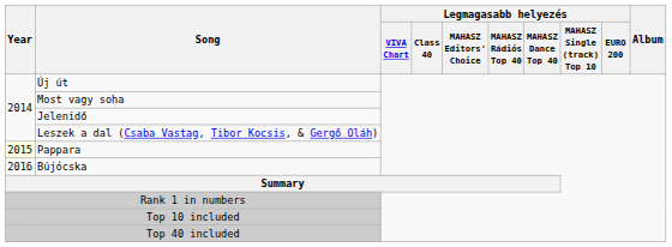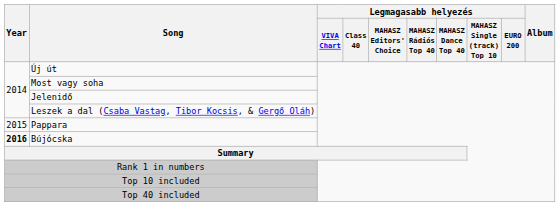 <table class="wikitable">
 <tr>
 <th rowspan="2">Year</th>
 <th rowspan="2">Song</th>
 <th colspan="7">Legmagasabb helyezés</th>
 <th rowspan="2">Album</th>
 </tr>
 <tr>
 <th width="30"><small> <a href='#'>VIVA Chart</a></small></th>
 <th width="30"><small> Class 40 </small></th>
 <th width="30"><small> MAHASZ Editors' Choice</small></th>
 <th width="30"><small> MAHASZ Rádiós Top 40</small></th>
 <th width="30"><small> MAHASZ Dance Top 40</small></th>
 <th width="30"><small> MAHASZ Single (track) Top 10</small></th>
 <th width="30"><small> EURO 200</small></th>
 </tr>
 <tr>
 <td rowspan="4">2014</td>
 <td>Új út</td>
 </tr>
 <tr>
 <td>Most vagy soha</td>
 </tr>
 <tr>
 <td>Jelenidő</td>
 </tr>
 <tr>
 <td>Leszek a dal (<a href='#'>Csaba Vastag</a>, <a href='#'>Tibor Kocsis</a>, & <a href='#'>Gergő Oláh</a>)</td>
 </tr>
 <tr>
-<td rowspan="1" style="background: lightyellow;">2015</td>
+<td rowspan="1">2015</td>
 <td>Pappara</td>
 </tr>
 <tr>
-<td rowspan="1">2016</td>
+<td rowspan="1"><strong>2016</strong></td>
 <td>Bújócska</td>
 </tr>
 <tr>
 <th colspan="7">Summary</th>
 </tr>
 <tr bgcolor="#CCCCCC">
 <td align="center" colspan="2">Rank 1 in numbers</td>
 </tr>
 <tr bgcolor="#CCCCCC">
 <td align="center" colspan="2">Top 10 included</td>
 </tr>
 <tr bgcolor="#CCCCCC">
 <td align="center" colspan="2">Top 40 included</td>
 </tr>
 </table>
